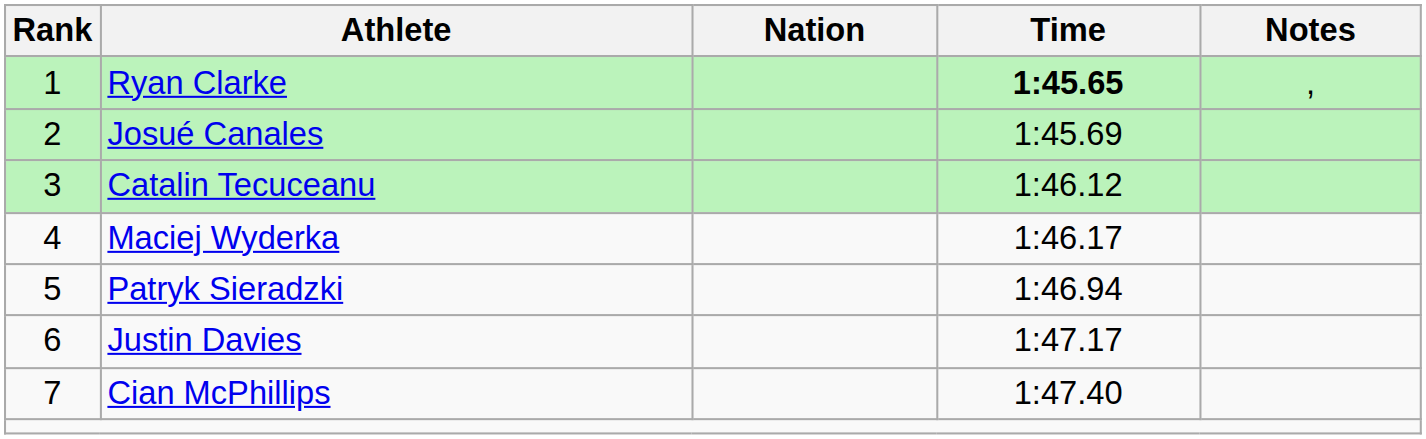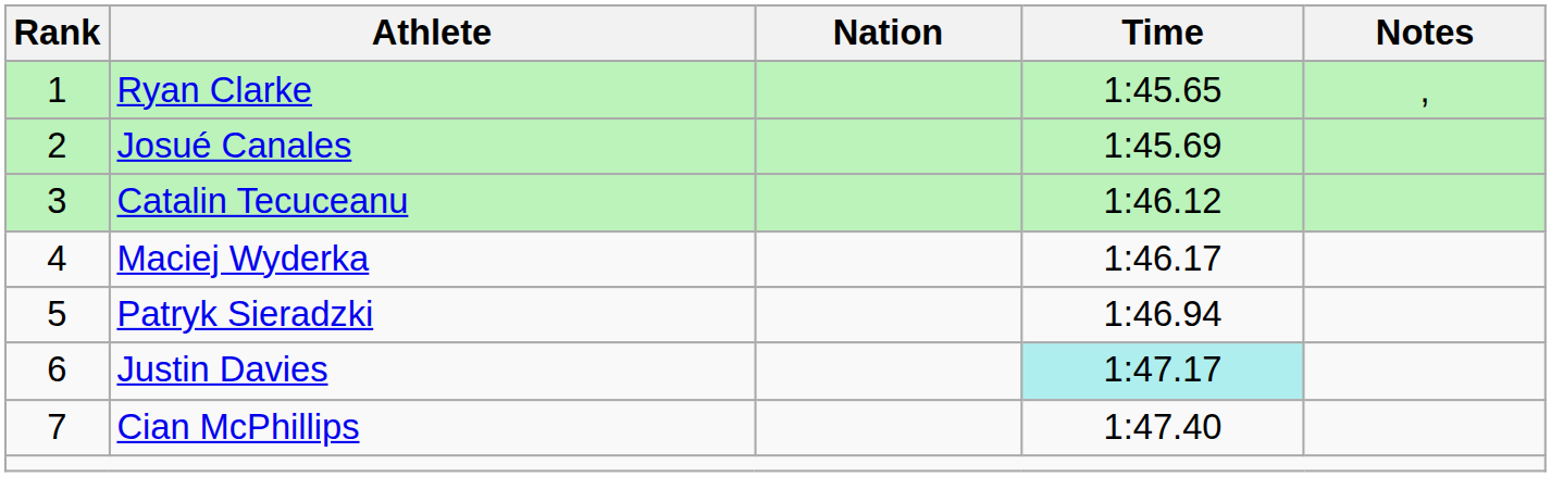 <table class="wikitable sortable" style="text-align:center;width: 55%;">
 <tr>
 <th scope="col" style="width: 10px;">Rank</th>
 <th scope="col">Athlete</th>
 <th scope="col">Nation</th>
 <th scope="col">Time</th>
 <th scope="col">Notes</th>
 </tr>
 <tr bgcolor=bbf3bb>
 <td>1</td>
 <td align=left><a href='#'>Ryan Clarke</a></td>
 <td align=left></td>
-<td><strong>1:45.65</strong></td>
+<td>1:45.65</td>
 <td>, </td>
 </tr>
 <tr bgcolor=bbf3bb>
 <td>2</td>
 <td align=left><a href='#'>Josué Canales</a></td>
 <td align=left></td>
 <td>1:45.69</td>
 <td></td>
 </tr>
 <tr bgcolor=bbf3bb>
 <td>3</td>
 <td align=left><a href='#'>Catalin Tecuceanu</a></td>
 <td align=left></td>
 <td>1:46.12</td>
 <td></td>
 </tr>
 <tr>
 <td>4</td>
 <td align=left><a href='#'>Maciej Wyderka</a></td>
 <td align=left></td>
 <td>1:46.17</td>
 <td></td>
 </tr>
 <tr>
 <td>5</td>
 <td align=left><a href='#'>Patryk Sieradzki</a></td>
 <td align=left></td>
 <td>1:46.94</td>
 <td></td>
 </tr>
 <tr>
 <td>6</td>
 <td align=left><a href='#'>Justin Davies</a></td>
 <td align=left></td>
-<td>1:47.17</td>
+<td style="background: paleturquoise;">1:47.17</td>
 <td></td>
 </tr>
 <tr>
 <td>7</td>
 <td align=left><a href='#'>Cian McPhillips</a></td>
 <td align=left></td>
 <td>1:47.40</td>
 <td></td>
 </tr>
 <tr class="sortbottom">
 <td colspan="5"></td>
 </tr>
 </table>
